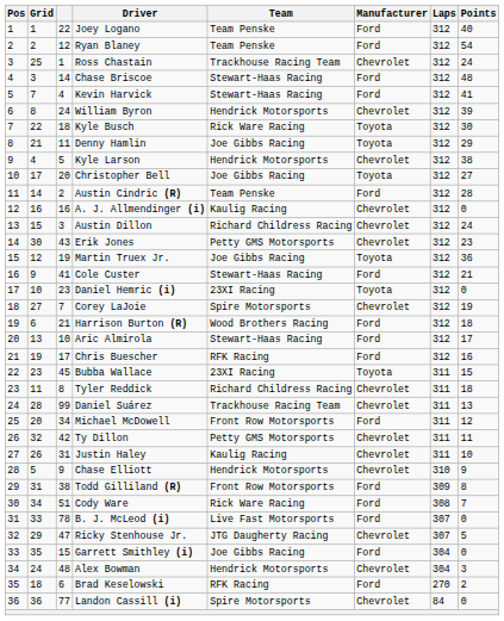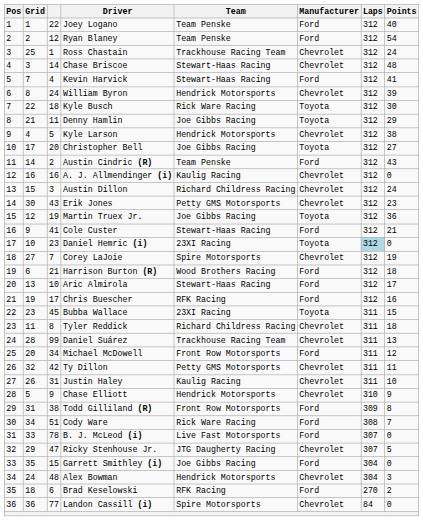 <table class="wikitable" style="font-size:98%">
 <tr>
 <th>Pos</th>
 <th>Grid</th>
 <th></th>
 <th>Driver</th>
 <th>Team</th>
 <th>Manufacturer</th>
 <th>Laps</th>
 <th>Points</th>
 </tr>
 <tr>
 <td>1</td>
 <td>1</td>
 <td>22</td>
 <td>Joey Logano</td>
 <td>Team Penske</td>
 <td>Ford</td>
 <td>312</td>
 <td>40</td>
 </tr>
 <tr>
 <td>2</td>
 <td>2</td>
 <td>12</td>
 <td>Ryan Blaney</td>
 <td>Team Penske</td>
 <td>Ford</td>
 <td>312</td>
 <td>54</td>
 </tr>
 <tr>
 <td>3</td>
 <td>25</td>
 <td>1</td>
 <td>Ross Chastain</td>
 <td>Trackhouse Racing Team</td>
 <td>Chevrolet</td>
 <td>312</td>
 <td>24</td>
 </tr>
 <tr>
 <td>4</td>
 <td>3</td>
 <td>14</td>
 <td>Chase Briscoe</td>
 <td>Stewart-Haas Racing</td>
-<td>Ford</td>
+<td>Chevrolet</td>
 <td>312</td>
 <td>48</td>
 </tr>
 <tr>
 <td>5</td>
 <td>7</td>
 <td>4</td>
 <td>Kevin Harvick</td>
 <td>Stewart-Haas Racing</td>
 <td>Ford</td>
 <td>312</td>
 <td>41</td>
 </tr>
 <tr>
 <td>6</td>
 <td>8</td>
 <td>24</td>
 <td>William Byron</td>
 <td>Hendrick Motorsports</td>
 <td>Chevrolet</td>
 <td>312</td>
 <td>39</td>
 </tr>
 <tr>
 <td>7</td>
 <td>22</td>
 <td>18</td>
 <td>Kyle Busch</td>
 <td>Rick Ware Racing</td>
 <td>Toyota</td>
 <td>312</td>
 <td>30</td>
 </tr>
 <tr>
 <td>8</td>
 <td>21</td>
 <td>11</td>
 <td>Denny Hamlin</td>
 <td>Joe Gibbs Racing</td>
 <td>Toyota</td>
 <td>312</td>
 <td>29</td>
 </tr>
 <tr>
 <td>9</td>
 <td>4</td>
 <td>5</td>
 <td>Kyle Larson</td>
 <td>Hendrick Motorsports</td>
 <td>Chevrolet</td>
 <td>312</td>
 <td>38</td>
 </tr>
 <tr>
 <td>10</td>
 <td>17</td>
 <td>20</td>
 <td>Christopher Bell</td>
 <td>Joe Gibbs Racing</td>
 <td>Toyota</td>
 <td>312</td>
 <td>27</td>
 </tr>
 <tr>
 <td>11</td>
 <td>14</td>
 <td>2</td>
 <td>Austin Cindric <strong>(R)</strong></td>
 <td>Team Penske</td>
 <td>Ford</td>
 <td>312</td>
-<td>28</td>
+<td>43</td>
 </tr>
 <tr>
 <td>12</td>
 <td>16</td>
 <td>16</td>
 <td>A. J. Allmendinger <strong>(i)</strong></td>
 <td>Kaulig Racing</td>
 <td>Chevrolet</td>
 <td>312</td>
 <td>0</td>
 </tr>
 <tr>
 <td>13</td>
 <td>15</td>
 <td>3</td>
 <td>Austin Dillon</td>
 <td>Richard Childress Racing</td>
 <td>Chevrolet</td>
 <td>312</td>
 <td>24</td>
 </tr>
 <tr>
 <td>14</td>
 <td>30</td>
 <td>43</td>
 <td>Erik Jones</td>
 <td>Petty GMS Motorsports</td>
 <td>Chevrolet</td>
 <td>312</td>
 <td>23</td>
 </tr>
 <tr>
 <td>15</td>
 <td>12</td>
 <td>19</td>
 <td>Martin Truex Jr.</td>
 <td>Joe Gibbs Racing</td>
 <td>Toyota</td>
 <td>312</td>
 <td>36</td>
 </tr>
 <tr>
 <td>16</td>
 <td>9</td>
 <td>41</td>
 <td>Cole Custer</td>
 <td>Stewart-Haas Racing</td>
 <td>Ford</td>
 <td>312</td>
 <td>21</td>
 </tr>
 <tr>
 <td>17</td>
 <td>10</td>
 <td>23</td>
 <td>Daniel Hemric <strong>(i)</strong></td>
 <td>23XI Racing</td>
 <td>Toyota</td>
-<td>312</td>
+<td style="background: lightblue;">312</td>
 <td>0</td>
 </tr>
 <tr>
 <td>18</td>
 <td>27</td>
 <td>7</td>
 <td>Corey LaJoie</td>
 <td>Spire Motorsports</td>
 <td>Chevrolet</td>
 <td>312</td>
 <td>19</td>
 </tr>
 <tr>
 <td>19</td>
 <td>6</td>
 <td>21</td>
 <td>Harrison Burton <strong>(R)</strong></td>
 <td>Wood Brothers Racing</td>
 <td>Ford</td>
 <td>312</td>
 <td>18</td>
 </tr>
 <tr>
 <td>20</td>
 <td>13</td>
 <td>10</td>
 <td>Aric Almirola</td>
 <td>Stewart-Haas Racing</td>
 <td>Ford</td>
 <td>312</td>
 <td>17</td>
 </tr>
 <tr>
 <td>21</td>
 <td>19</td>
 <td>17</td>
 <td>Chris Buescher</td>
 <td>RFK Racing</td>
 <td>Ford</td>
 <td>312</td>
 <td>16</td>
 </tr>
 <tr>
 <td>22</td>
 <td>23</td>
 <td>45</td>
 <td>Bubba Wallace</td>
 <td>23XI Racing</td>
 <td>Toyota</td>
 <td>311</td>
 <td>15</td>
 </tr>
 <tr>
 <td>23</td>
 <td>11</td>
 <td>8</td>
 <td>Tyler Reddick</td>
 <td>Richard Childress Racing</td>
 <td>Chevrolet</td>
 <td>311</td>
 <td>18</td>
 </tr>
 <tr>
 <td>24</td>
 <td>28</td>
 <td>99</td>
 <td>Daniel Suárez</td>
 <td>Trackhouse Racing Team</td>
 <td>Chevrolet</td>
 <td>311</td>
 <td>13</td>
 </tr>
 <tr>
 <td>25</td>
 <td>20</td>
 <td>34</td>
 <td>Michael McDowell</td>
 <td>Front Row Motorsports</td>
 <td>Ford</td>
 <td>311</td>
 <td>12</td>
 </tr>
 <tr>
 <td>26</td>
 <td>32</td>
 <td>42</td>
 <td>Ty Dillon</td>
 <td>Petty GMS Motorsports</td>
 <td>Chevrolet</td>
 <td>311</td>
 <td>11</td>
 </tr>
 <tr>
 <td>27</td>
 <td>26</td>
 <td>31</td>
 <td>Justin Haley</td>
 <td>Kaulig Racing</td>
 <td>Chevrolet</td>
 <td>311</td>
 <td>10</td>
 </tr>
 <tr>
 <td>28</td>
 <td>5</td>
 <td>9</td>
 <td>Chase Elliott</td>
 <td>Hendrick Motorsports</td>
 <td>Chevrolet</td>
 <td>310</td>
 <td>9</td>
 </tr>
 <tr>
 <td>29</td>
 <td>31</td>
 <td>38</td>
 <td>Todd Gilliland <strong>(R)</strong></td>
 <td>Front Row Motorsports</td>
 <td>Ford</td>
 <td>309</td>
 <td>8</td>
 </tr>
 <tr>
 <td>30</td>
 <td>34</td>
 <td>51</td>
 <td>Cody Ware</td>
 <td>Rick Ware Racing</td>
 <td>Ford</td>
 <td>308</td>
 <td>7</td>
 </tr>
 <tr>
 <td>31</td>
 <td>33</td>
 <td>78</td>
 <td>B. J. McLeod <strong>(i)</strong></td>
 <td>Live Fast Motorsports</td>
 <td>Ford</td>
 <td>307</td>
 <td>0</td>
 </tr>
 <tr>
 <td>32</td>
 <td>29</td>
 <td>47</td>
 <td>Ricky Stenhouse Jr.</td>
 <td>JTG Daugherty Racing</td>
 <td>Chevrolet</td>
 <td>307</td>
 <td>5</td>
 </tr>
 <tr>
 <td>33</td>
 <td>35</td>
 <td>15</td>
 <td>Garrett Smithley <strong>(i)</strong></td>
 <td>Joe Gibbs Racing</td>
 <td>Ford</td>
 <td>304</td>
 <td>0</td>
 </tr>
 <tr>
 <td>34</td>
 <td>24</td>
 <td>48</td>
 <td>Alex Bowman</td>
 <td>Hendrick Motorsports</td>
 <td>Chevrolet</td>
 <td>304</td>
 <td>3</td>
 </tr>
 <tr>
 <td>35</td>
 <td>18</td>
 <td>6</td>
 <td>Brad Keselowski</td>
 <td>RFK Racing</td>
 <td>Ford</td>
 <td>270</td>
 <td>2</td>
 </tr>
 <tr>
 <td>36</td>
 <td>36</td>
 <td>77</td>
 <td>Landon Cassill <strong>(i)</strong></td>
 <td>Spire Motorsports</td>
 <td>Chevrolet</td>
 <td>84</td>
 <td>0</td>
 </tr>
 <tr>
 <th colspan="8"></th>
 </tr>
 </table>
